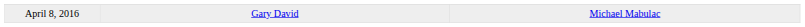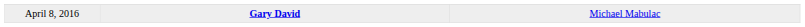 <table border=1 style="border-collapse:collapse; text-align: center; width: 100%" bordercolor="#DFDFDF"  cellpadding="5">
 <tr>
 </tr>
 <tr bgcolor="eeeeee">
 <td>April 8, 2016 <br></td>
-<td style="width:44%" valign="top"><a href='#'>Gary David</a></td>
+<td style="width:44%" valign="top"><strong><a href='#'>Gary David</a></strong></td>
 <td style="width:44%" valign="top"><a href='#'>Michael Mabulac</a></td>
 </tr>
 </table>
